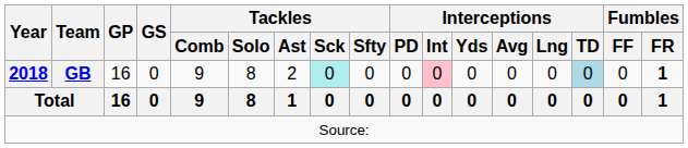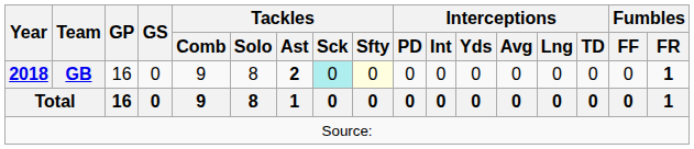 <table class="wikitable" style="text-align: center;">
 <tr>
 <th rowspan=2>Year</th>
 <th rowspan=2>Team</th>
 <th rowspan=2>GP</th>
 <th rowspan=2>GS</th>
 <th colspan=5>Tackles</th>
 <th colspan=6>Interceptions</th>
 <th colspan=2>Fumbles</th>
 </tr>
 <tr>
 <th>Comb</th>
 <th>Solo</th>
 <th>Ast</th>
 <th>Sck</th>
 <th>Sfty</th>
 <th>PD</th>
 <th>Int</th>
 <th>Yds</th>
 <th>Avg</th>
 <th>Lng</th>
 <th>TD</th>
 <th>FF</th>
 <th>FR</th>
 </tr>
 <tr>
 <th><a href='#'>2018</a></th>
 <th><a href='#'>GB</a></th>
 <td>16</td>
 <td>0</td>
 <td>9</td>
 <td>8</td>
-<td>2</td>
+<td><strong>2</strong></td>
 <td style="background: paleturquoise;">0</td>
-<td>0</td>
-<td>0</td>
-<td style="background: pink;">0</td>
+<td style="background: lightyellow;">0</td>
 <td>0</td>
 <td>0</td>
 <td>0</td>
-<td style="background: lightblue;">0</td>
+<td>0</td>
+<td>0</td>
+<td>0</td>
 <td>0</td>
 <td><strong>1</strong></td>
 </tr>
 <tr>
 <th colspan="2">Total</th>
 <th>16</th>
 <th>0</th>
 <th>9</th>
 <th>8</th>
 <th>1</th>
 <th>0</th>
 <th>0</th>
 <th>0</th>
 <th>0</th>
 <th>0</th>
 <th>0</th>
 <th>0</th>
 <th>0</th>
 <th>0</th>
 <th>1</th>
 </tr>
 <tr>
 <td colspan="17"><small>Source: </small></td>
 </tr>
 </table>
